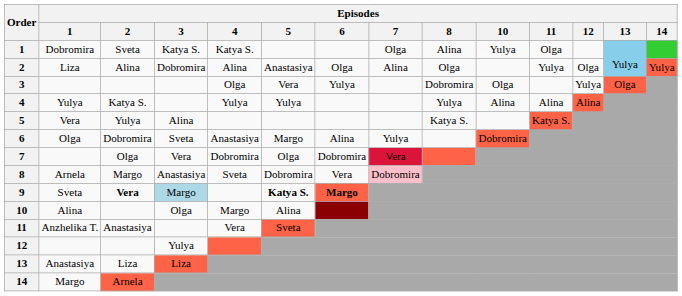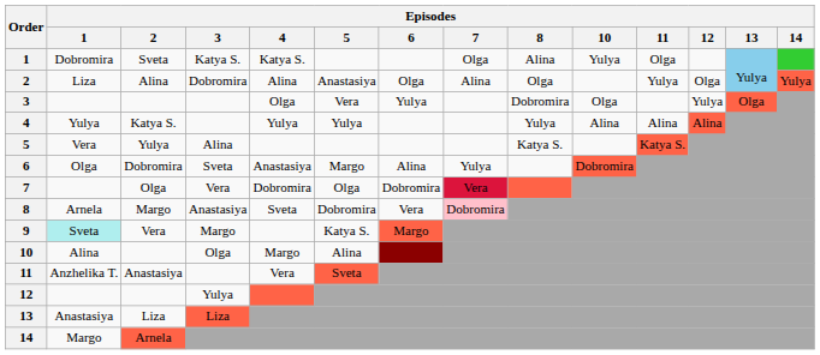 <table class="wikitable" style="text-align:center; font-size:92%">
 <tr>
 <th rowspan=2>Order</th>
 <th colspan=16>Episodes</th>
 </tr>
 <tr>
 <th>1</th>
 <th>2</th>
 <th>3</th>
 <th>4</th>
 <th>5</th>
 <th>6</th>
 <th>7</th>
 <th>8</th>
 <th>10</th>
 <th>11</th>
 <th>12</th>
 <th>13</th>
 <th>14</th>
 </tr>
 <tr>
 <th>1</th>
 <td>Dobromira</td>
 <td>Sveta</td>
 <td>Katya S.</td>
 <td>Katya S.</td>
 <td></td>
 <td></td>
 <td>Olga</td>
 <td>Alina</td>
 <td>Yulya</td>
 <td>Olga</td>
 <td></td>
 <td rowspan="2" bgcolor="skyblue"><br>Yulya</td>
 <td bgcolor="limegreen"></td>
 </tr>
 <tr>
 <th>2</th>
 <td>Liza</td>
 <td>Alina</td>
 <td>Dobromira</td>
 <td>Alina</td>
 <td>Anastasiya</td>
 <td>Olga</td>
 <td>Alina</td>
 <td>Olga</td>
 <td></td>
 <td>Yulya</td>
 <td>Olga</td>
 <td bgcolor="tomato">Yulya</td>
 </tr>
 <tr>
 <th>3</th>
 <td></td>
 <td></td>
 <td></td>
 <td>Olga</td>
 <td>Vera</td>
 <td>Yulya</td>
 <td></td>
 <td>Dobromira</td>
 <td>Olga</td>
 <td></td>
 <td>Yulya</td>
 <td width="50" style="background:tomato;">Olga</td>
 <td bgcolor="darkgray" colspan=1></td>
 </tr>
 <tr>
 <th>4</th>
 <td>Yulya</td>
 <td>Katya S.</td>
 <td></td>
 <td>Yulya</td>
 <td>Yulya</td>
 <td></td>
 <td></td>
 <td>Yulya</td>
 <td>Alina</td>
 <td>Alina</td>
 <td bgcolor="tomato">Alina</td>
 <td bgcolor="darkgray" colspan=2></td>
 </tr>
 <tr>
 <th>5</th>
 <td>Vera</td>
 <td>Yulya</td>
 <td>Alina</td>
 <td></td>
 <td></td>
 <td></td>
 <td></td>
 <td>Katya S.</td>
 <td></td>
 <td bgcolor="tomato">Katya S.</td>
 <td bgcolor="darkgray" colspan=3></td>
 </tr>
 <tr>
 <th>6</th>
 <td>Olga</td>
 <td>Dobromira</td>
 <td>Sveta</td>
 <td>Anastasiya</td>
 <td>Margo</td>
 <td>Alina</td>
 <td>Yulya</td>
 <td></td>
 <td bgcolor="tomato">Dobromira</td>
 <td bgcolor="darkgray" colspan=4></td>
 </tr>
 <tr>
 <th>7</th>
 <td></td>
 <td>Olga</td>
 <td>Vera</td>
 <td>Dobromira</td>
 <td>Olga</td>
 <td>Dobromira</td>
 <td bgcolor="crimson"><span>Vera</span></td>
 <td bgcolor="tomato"></td>
 <td bgcolor="darkgray" colspan=5></td>
 </tr>
 <tr>
 <th>8</th>
 <td>Arnela</td>
 <td>Margo</td>
 <td>Anastasiya</td>
 <td>Sveta</td>
 <td>Dobromira</td>
 <td>Vera</td>
 <td bgcolor="pink">Dobromira</td>
 <td bgcolor="darkgray" colspan=6></td>
 </tr>
 <tr>
 <th>9</th>
-<td>Sveta</td>
-<td><strong>Vera</strong></td>
-<td style="background: lightblue;">Margo</td>
+<td style="background: paleturquoise;">Sveta</td>
+<td>Vera</td>
+<td>Margo</td>
 <td></td>
-<td><strong>Katya S.</strong></td>
-<td bgcolor="tomato"><strong>Margo</strong></td>
+<td>Katya S.</td>
+<td bgcolor="tomato">Margo</td>
 <td bgcolor="darkgray" colspan=7></td>
 </tr>
 <tr>
 <th>10</th>
 <td>Alina</td>
 <td></td>
 <td>Olga</td>
 <td>Margo</td>
 <td>Alina</td>
 <td bgcolor="darkred"></td>
 <td bgcolor="darkgray" colspan=9></td>
 </tr>
 <tr>
 <th>11</th>
 <td>Anzhelika T.</td>
 <td>Anastasiya</td>
 <td></td>
 <td>Vera</td>
 <td bgcolor="tomato">Sveta</td>
 <td bgcolor="darkgray" colspan=9></td>
 </tr>
 <tr>
 <th>12</th>
 <td></td>
 <td></td>
 <td>Yulya</td>
 <td bgcolor="tomato"></td>
 <td bgcolor="darkgray" colspan=10></td>
 </tr>
 <tr>
 <th>13</th>
 <td>Anastasiya</td>
 <td>Liza</td>
 <td bgcolor="tomato">Liza</td>
 <td bgcolor="darkgray" colspan=11></td>
 </tr>
 <tr>
 <th>14</th>
 <td>Margo</td>
 <td bgcolor="tomato">Arnela</td>
 <td bgcolor="darkgray" colspan=12></td>
 </tr>
 </table>
